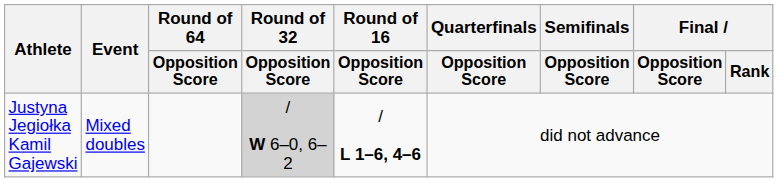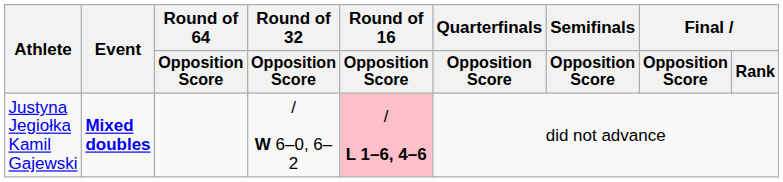 <table class=wikitable style="font-size:90%">
 <tr>
 <th rowspan="2">Athlete</th>
 <th rowspan="2">Event</th>
 <th>Round of 64</th>
 <th>Round of 32</th>
 <th>Round of 16</th>
 <th>Quarterfinals</th>
 <th>Semifinals</th>
 <th colspan=2>Final / </th>
 </tr>
 <tr style="font-size:95%">
 <th>Opposition<br>Score</th>
 <th>Opposition<br>Score</th>
 <th>Opposition<br>Score</th>
 <th>Opposition<br>Score</th>
 <th>Opposition<br>Score</th>
 <th>Opposition<br>Score</th>
 <th>Rank</th>
 </tr>
 <tr align=center>
 <td align=left><a href='#'>Justyna Jegiołka</a><br><a href='#'>Kamil Gajewski</a></td>
-<td align=left><a href='#'>Mixed doubles</a></td>
+<td align=left><strong><a href='#'>Mixed doubles</a></strong></td>
 <td></td>
-<td style="background: lightgrey;"> / <br><br><strong>W</strong> 6–0, 6–2</td>
-<td> / <br><br><strong>L 1–6, 4–6</strong></td>
+<td> / <br><br><strong>W</strong> 6–0, 6–2</td>
+<td style="background: pink;"> / <br><br><strong>L 1–6, 4–6</strong></td>
 <td colspan=6>did not advance</td>
 </tr>
 </table>
